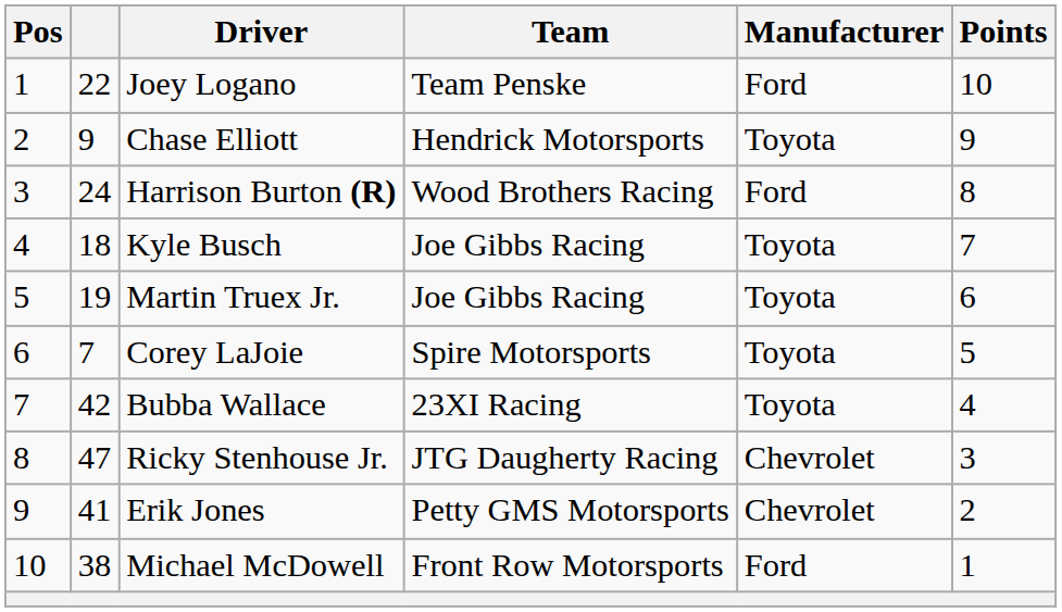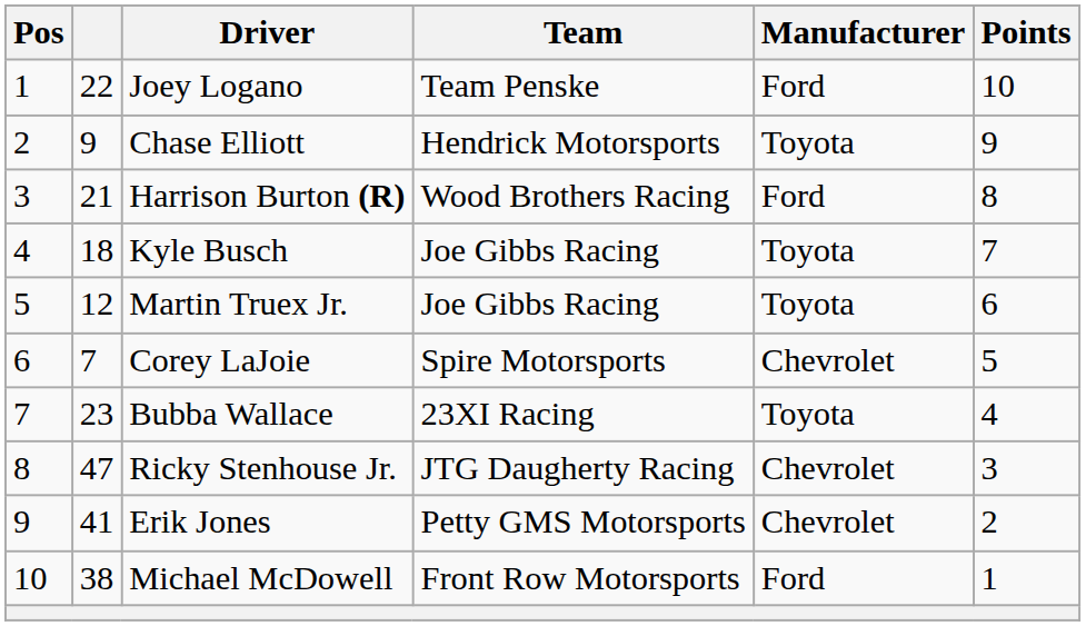 <table class="wikitable" style="font-size:98%">
 <tr>
 <th>Pos</th>
 <th></th>
 <th>Driver</th>
 <th>Team</th>
 <th>Manufacturer</th>
 <th>Points</th>
 </tr>
 <tr>
 <td>1</td>
 <td>22</td>
 <td>Joey Logano</td>
 <td>Team Penske</td>
 <td>Ford</td>
 <td>10</td>
 </tr>
 <tr>
 <td>2</td>
 <td>9</td>
 <td>Chase Elliott</td>
 <td>Hendrick Motorsports</td>
 <td>Toyota</td>
 <td>9</td>
 </tr>
 <tr>
 <td>3</td>
-<td>24</td>
+<td>21</td>
 <td>Harrison Burton <strong>(R)</strong></td>
 <td>Wood Brothers Racing</td>
 <td>Ford</td>
 <td>8</td>
 </tr>
 <tr>
 <td>4</td>
 <td>18</td>
 <td>Kyle Busch</td>
 <td>Joe Gibbs Racing</td>
 <td>Toyota</td>
 <td>7</td>
 </tr>
 <tr>
 <td>5</td>
-<td>19</td>
+<td>12</td>
 <td>Martin Truex Jr.</td>
 <td>Joe Gibbs Racing</td>
 <td>Toyota</td>
 <td>6</td>
 </tr>
 <tr>
 <td>6</td>
 <td>7</td>
 <td>Corey LaJoie</td>
 <td>Spire Motorsports</td>
-<td>Toyota</td>
+<td>Chevrolet</td>
 <td>5</td>
 </tr>
 <tr>
 <td>7</td>
-<td>42</td>
+<td>23</td>
 <td>Bubba Wallace</td>
 <td>23XI Racing</td>
 <td>Toyota</td>
 <td>4</td>
 </tr>
 <tr>
 <td>8</td>
 <td>47</td>
 <td>Ricky Stenhouse Jr.</td>
 <td>JTG Daugherty Racing</td>
 <td>Chevrolet</td>
 <td>3</td>
 </tr>
 <tr>
 <td>9</td>
 <td>41</td>
 <td>Erik Jones</td>
 <td>Petty GMS Motorsports</td>
 <td>Chevrolet</td>
 <td>2</td>
 </tr>
 <tr>
 <td>10</td>
 <td>38</td>
 <td>Michael McDowell</td>
 <td>Front Row Motorsports</td>
 <td>Ford</td>
 <td>1</td>
 </tr>
 <tr>
 <th colspan="6"></th>
 </tr>
 </table>
